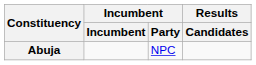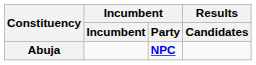 <table class="wikitable sortable">
 <tr>
 <th rowspan="2">Constituency</th>
 <th colspan="2">Incumbent</th>
 <th>Results</th>
 </tr>
 <tr valign="bottom">
 <th>Incumbent</th>
 <th>Party</th>
 <th>Candidates</th>
 </tr>
 <tr>
 <th>Abuja</th>
 <td></td>
-<td><a href='#'>NPC</a></td>
+<td><strong><a href='#'>NPC</a></strong></td>
 <td nowrap=""></td>
 </tr>
 </table>
